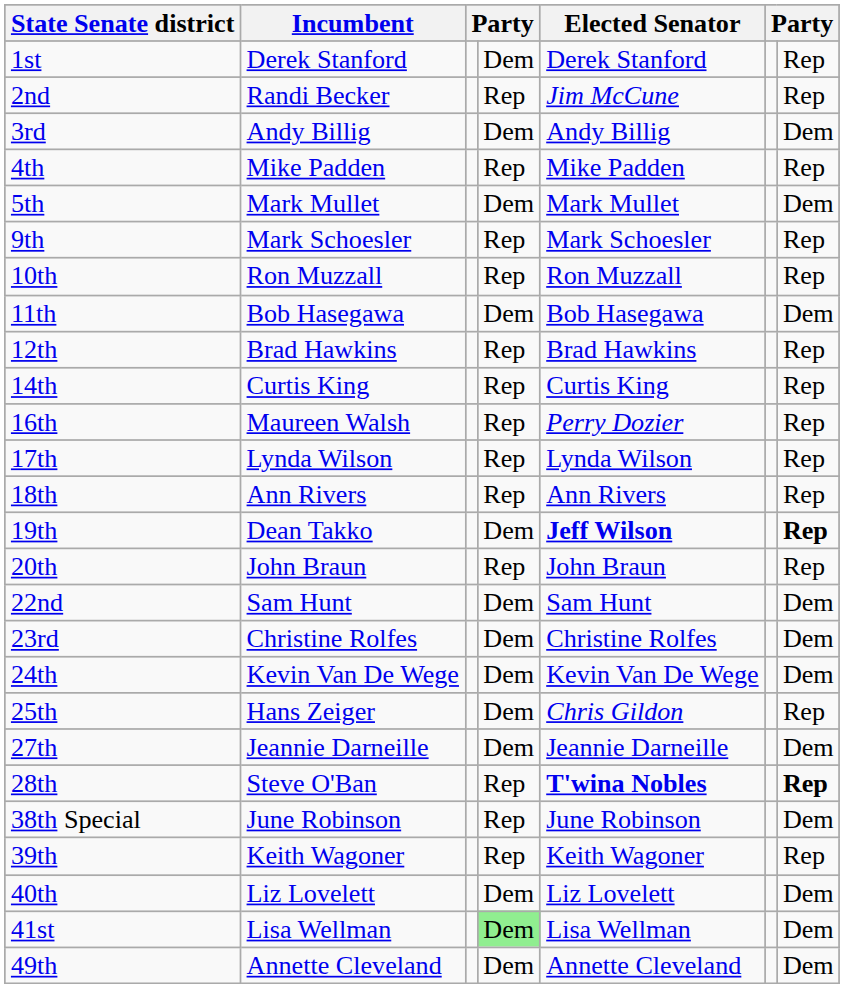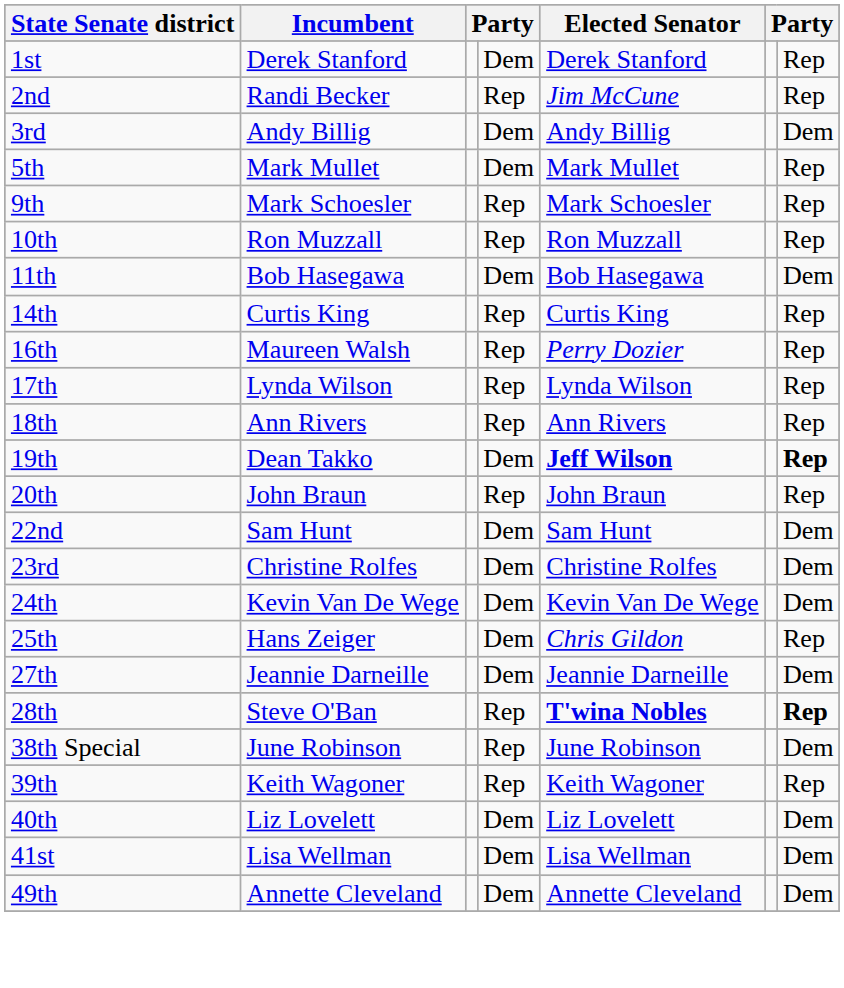 <table class="sortable wikitable" style="font-size:95%;line-height:14px;">
 <tr>
 <th colspan="1" class="unsortable"><a href='#'>State Senate</a> district</th>
 <th class="unsortable"><a href='#'>Incumbent</a></th>
 <th colspan="2">Party</th>
 <th class="unsortable">Elected Senator</th>
 <th colspan="2">Party</th>
 </tr>
 <tr>
 <td><a href='#'>1st</a></td>
 <td><a href='#'>Derek Stanford</a></td>
 <td style="background:"></td>
 <td>Dem</td>
 <td><a href='#'>Derek Stanford</a></td>
 <td style="background:"></td>
 <td>Rep</td>
 </tr>
 <tr>
 <td><a href='#'>2nd</a></td>
 <td><a href='#'>Randi Becker</a></td>
 <td style="background:"></td>
 <td>Rep</td>
 <td><em><a href='#'>Jim McCune</a></em></td>
 <td style="background:"></td>
 <td>Rep</td>
 </tr>
 <tr>
 <td><a href='#'>3rd</a></td>
 <td><a href='#'>Andy Billig</a></td>
 <td style="background:"></td>
 <td>Dem</td>
 <td><a href='#'>Andy Billig</a></td>
 <td style="background:"></td>
 <td>Dem</td>
 </tr>
 <tr>
-<td><a href='#'>4th</a></td>
-<td><a href='#'>Mike Padden</a></td>
-<td style="background:"></td>
-<td>Rep</td>
-<td><a href='#'>Mike Padden</a></td>
-<td style="background:"></td>
-<td>Rep</td>
-</tr>
-<tr>
 <td><a href='#'>5th</a></td>
 <td><a href='#'>Mark Mullet</a></td>
 <td style="background:"></td>
 <td>Dem</td>
 <td><a href='#'>Mark Mullet</a></td>
 <td style="background:"></td>
-<td>Dem</td>
+<td>Rep</td>
 </tr>
 <tr>
 <td><a href='#'>9th</a></td>
 <td><a href='#'>Mark Schoesler</a></td>
 <td style="background:"></td>
 <td>Rep</td>
 <td><a href='#'>Mark Schoesler</a></td>
 <td style="background:"></td>
 <td>Rep</td>
 </tr>
 <tr>
 <td><a href='#'>10th</a></td>
 <td><a href='#'>Ron Muzzall</a></td>
 <td style="background:"></td>
 <td>Rep</td>
 <td><a href='#'>Ron Muzzall</a></td>
 <td style="background:"></td>
 <td>Rep</td>
 </tr>
 <tr>
 <td><a href='#'>11th</a></td>
 <td><a href='#'>Bob Hasegawa</a></td>
 <td style="background:"></td>
 <td>Dem</td>
 <td><a href='#'>Bob Hasegawa</a></td>
 <td style="background:"></td>
 <td>Dem</td>
-</tr>
-<tr>
-<td><a href='#'>12th</a></td>
-<td><a href='#'>Brad Hawkins</a></td>
-<td style="background:"></td>
-<td>Rep</td>
-<td><a href='#'>Brad Hawkins</a></td>
-<td style="background:"></td>
-<td>Rep</td>
 </tr>
 <tr>
 <td><a href='#'>14th</a></td>
 <td><a href='#'>Curtis King</a></td>
 <td style="background:"></td>
 <td>Rep</td>
 <td><a href='#'>Curtis King</a></td>
 <td style="background:"></td>
 <td>Rep</td>
 </tr>
 <tr>
 <td><a href='#'>16th</a></td>
 <td><a href='#'>Maureen Walsh</a></td>
 <td style="background:"></td>
 <td>Rep</td>
 <td><em><a href='#'>Perry Dozier</a></em></td>
 <td style="background:"></td>
 <td>Rep</td>
 </tr>
 <tr>
 <td><a href='#'>17th</a></td>
 <td><a href='#'>Lynda Wilson</a></td>
 <td style="background:"></td>
 <td>Rep</td>
 <td><a href='#'>Lynda Wilson</a></td>
 <td style="background:"></td>
 <td>Rep</td>
 </tr>
 <tr>
 <td><a href='#'>18th</a></td>
 <td><a href='#'>Ann Rivers</a></td>
 <td style="background:"></td>
 <td>Rep</td>
 <td><a href='#'>Ann Rivers</a></td>
 <td style="background:"></td>
 <td>Rep</td>
 </tr>
 <tr>
 <td><a href='#'>19th</a></td>
 <td><a href='#'>Dean Takko</a></td>
 <td style="background:"></td>
 <td>Dem</td>
 <td><strong><a href='#'>Jeff Wilson</a></strong></td>
 <td style="background:"></td>
 <td><strong>Rep</strong></td>
 </tr>
 <tr>
 <td><a href='#'>20th</a></td>
 <td><a href='#'>John Braun</a></td>
 <td style="background:"></td>
 <td>Rep</td>
 <td><a href='#'>John Braun</a></td>
 <td style="background:"></td>
 <td>Rep</td>
 </tr>
 <tr>
 <td><a href='#'>22nd</a></td>
 <td><a href='#'>Sam Hunt</a></td>
 <td style="background:"></td>
 <td>Dem</td>
 <td><a href='#'>Sam Hunt</a></td>
 <td style="background:"></td>
 <td>Dem</td>
 </tr>
 <tr>
 <td><a href='#'>23rd</a></td>
 <td><a href='#'>Christine Rolfes</a></td>
 <td style="background:"></td>
 <td>Dem</td>
 <td><a href='#'>Christine Rolfes</a></td>
 <td style="background:"></td>
 <td>Dem</td>
 </tr>
 <tr>
 <td><a href='#'>24th</a></td>
 <td><a href='#'>Kevin Van De Wege</a></td>
 <td style="background:"></td>
 <td>Dem</td>
 <td><a href='#'>Kevin Van De Wege</a></td>
 <td style="background:"></td>
 <td>Dem</td>
 </tr>
 <tr>
 <td><a href='#'>25th</a></td>
 <td><a href='#'>Hans Zeiger</a></td>
 <td style="background:"></td>
 <td>Dem</td>
 <td><em><a href='#'>Chris Gildon</a></em></td>
 <td style="background:"></td>
 <td>Rep</td>
 </tr>
 <tr>
 <td><a href='#'>27th</a></td>
 <td><a href='#'>Jeannie Darneille</a></td>
 <td style="background:"></td>
 <td>Dem</td>
 <td><a href='#'>Jeannie Darneille</a></td>
 <td style="background:"></td>
 <td>Dem</td>
 </tr>
 <tr>
 <td><a href='#'>28th</a></td>
 <td><a href='#'>Steve O'Ban</a></td>
 <td style="background:"></td>
 <td>Rep</td>
 <td><strong><a href='#'>T'wina Nobles</a></strong></td>
 <td style="background:"></td>
 <td><strong>Rep</strong></td>
 </tr>
 <tr>
 <td><a href='#'>38th</a> Special</td>
 <td><a href='#'>June Robinson</a></td>
 <td style="background:"></td>
 <td>Rep</td>
 <td><a href='#'>June Robinson</a></td>
 <td style="background:"></td>
 <td>Dem</td>
 </tr>
 <tr>
 <td><a href='#'>39th</a></td>
 <td><a href='#'>Keith Wagoner</a></td>
 <td style="background:"></td>
 <td>Rep</td>
 <td><a href='#'>Keith Wagoner</a></td>
 <td style="background:"></td>
 <td>Rep</td>
 </tr>
 <tr>
 <td><a href='#'>40th</a></td>
 <td><a href='#'>Liz Lovelett</a></td>
 <td style="background:"></td>
 <td>Dem</td>
 <td><a href='#'>Liz Lovelett</a></td>
 <td style="background:"></td>
 <td>Dem</td>
 </tr>
 <tr>
 <td><a href='#'>41st</a></td>
 <td><a href='#'>Lisa Wellman</a></td>
 <td style="background:"></td>
-<td style="background: lightgreen;">Dem</td>
+<td>Dem</td>
 <td><a href='#'>Lisa Wellman</a></td>
 <td style="background:"></td>
 <td>Dem</td>
 </tr>
 <tr>
 <td><a href='#'>49th</a></td>
 <td><a href='#'>Annette Cleveland</a></td>
 <td style="background:"></td>
 <td>Dem</td>
 <td><a href='#'>Annette Cleveland</a></td>
 <td style="background:"></td>
 <td>Dem</td>
 </tr>
 <tr>
 </tr>
 </table>
